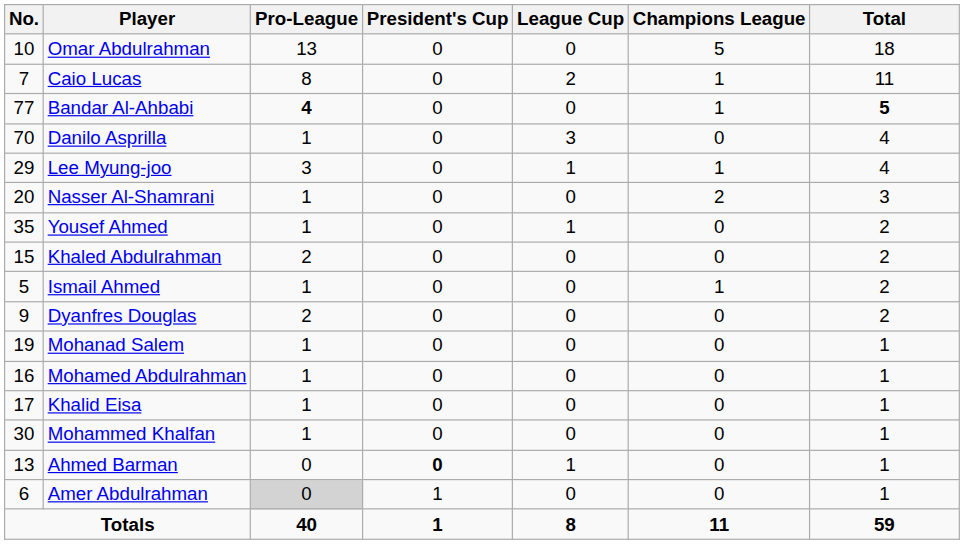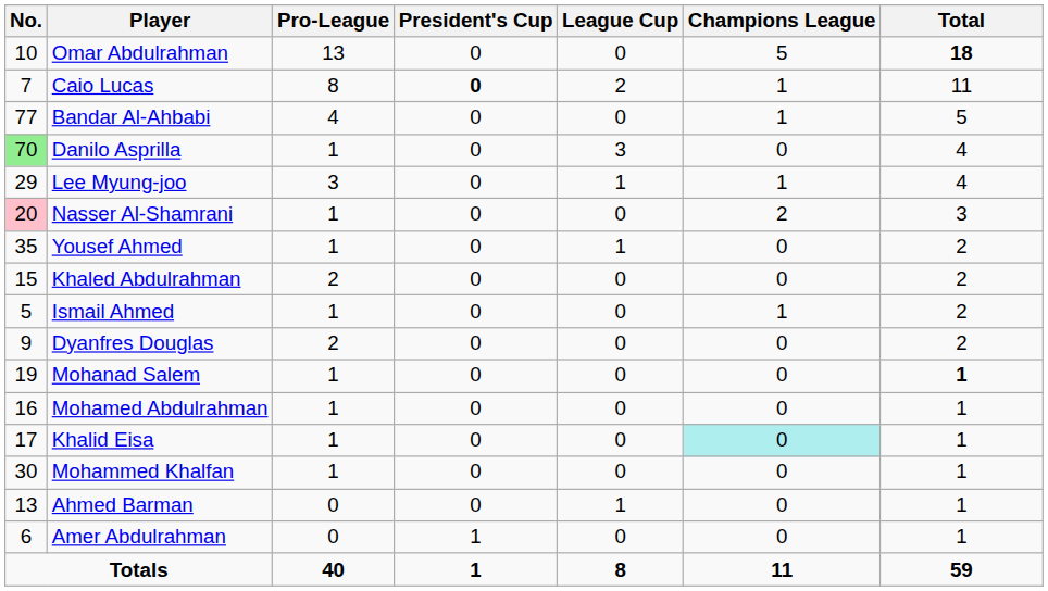 <table class=wikitable>
 <tr>
 <th>No.</th>
 <th>Player</th>
 <th>Pro-League</th>
 <th>President's Cup</th>
 <th>League Cup</th>
 <th>Champions League</th>
 <th width=120>Total</th>
 </tr>
 <tr>
 <td align="center">10</td>
 <td align=left> <a href='#'>Omar Abdulrahman</a></td>
 <td align="center">13</td>
 <td align="center">0</td>
 <td align="center">0</td>
 <td align="center">5</td>
-<td align="center">18</td>
+<td align="center"><strong>18</strong></td>
 </tr>
 <tr>
 <td align="center">7</td>
 <td align=left> <a href='#'>Caio Lucas</a></td>
 <td align="center">8</td>
-<td align="center">0</td>
+<td align="center"><strong>0</strong></td>
 <td align="center">2</td>
 <td align="center">1</td>
 <td align="center">11</td>
 </tr>
 <tr>
 <td align="center">77</td>
 <td align=left> <a href='#'>Bandar Al-Ahbabi</a></td>
-<td align="center"><strong>4</strong></td>
+<td align="center">4</td>
 <td align="center">0</td>
 <td align="center">0</td>
 <td align="center">1</td>
-<td align="center"><strong>5</strong></td>
+<td align="center">5</td>
 </tr>
 <tr>
-<td align="center">70</td>
+<td align="center" style="background: lightgreen;">70</td>
 <td align=left> <a href='#'>Danilo Asprilla</a></td>
 <td align="center">1</td>
 <td align="center">0</td>
 <td align="center">3</td>
 <td align="center">0</td>
 <td align="center">4</td>
 </tr>
 <tr>
 <td align="center">29</td>
 <td align=left> <a href='#'>Lee Myung-joo</a></td>
 <td align="center">3</td>
 <td align="center">0</td>
 <td align="center">1</td>
 <td align="center">1</td>
 <td align="center">4</td>
 </tr>
 <tr>
-<td align="center">20</td>
+<td align="center" style="background: pink;">20</td>
 <td align=left> <a href='#'>Nasser Al-Shamrani</a></td>
 <td align="center">1</td>
 <td align="center">0</td>
 <td align="center">0</td>
 <td align="center">2</td>
 <td align="center">3</td>
 </tr>
 <tr>
 <td align="center">35</td>
 <td align=left> <a href='#'>Yousef Ahmed</a></td>
 <td align="center">1</td>
 <td align="center">0</td>
 <td align="center">1</td>
 <td align="center">0</td>
 <td align="center">2</td>
 </tr>
 <tr>
 <td align="center">15</td>
 <td align=left> <a href='#'>Khaled Abdulrahman</a></td>
 <td align="center">2</td>
 <td align="center">0</td>
 <td align="center">0</td>
 <td align="center">0</td>
 <td align="center">2</td>
 </tr>
 <tr>
 <td align="center">5</td>
 <td align=left> <a href='#'>Ismail Ahmed</a></td>
 <td align="center">1</td>
 <td align="center">0</td>
 <td align="center">0</td>
 <td align="center">1</td>
 <td align="center">2</td>
 </tr>
 <tr>
 <td align="center">9</td>
 <td align=left> <a href='#'>Dyanfres Douglas</a></td>
 <td align="center">2</td>
 <td align="center">0</td>
 <td align="center">0</td>
 <td align="center">0</td>
 <td align="center">2</td>
 </tr>
 <tr>
 <td align="center">19</td>
 <td align=left> <a href='#'>Mohanad Salem</a></td>
 <td align="center">1</td>
 <td align="center">0</td>
 <td align="center">0</td>
 <td align="center">0</td>
-<td align="center">1</td>
+<td align="center"><strong>1</strong></td>
 </tr>
 <tr>
 <td align="center">16</td>
 <td align=left> <a href='#'>Mohamed Abdulrahman</a></td>
 <td align="center">1</td>
 <td align="center">0</td>
 <td align="center">0</td>
 <td align="center">0</td>
 <td align="center">1</td>
 </tr>
 <tr>
 <td align="center">17</td>
 <td align=left> <a href='#'>Khalid Eisa</a></td>
 <td align="center">1</td>
 <td align="center">0</td>
 <td align="center">0</td>
-<td align="center">0</td>
+<td align="center" style="background: paleturquoise;">0</td>
 <td align="center">1</td>
 </tr>
 <tr>
 <td align="center">30</td>
 <td align=left> <a href='#'>Mohammed Khalfan</a></td>
 <td align="center">1</td>
 <td align="center">0</td>
 <td align="center">0</td>
 <td align="center">0</td>
 <td align="center">1</td>
 </tr>
 <tr>
 <td align="center">13</td>
 <td align=left> <a href='#'>Ahmed Barman</a></td>
 <td align="center">0</td>
-<td align="center"><strong>0</strong></td>
+<td align="center">0</td>
 <td align="center">1</td>
 <td align="center">0</td>
 <td align="center">1</td>
 </tr>
 <tr>
 <td align="center">6</td>
 <td align=left> <a href='#'>Amer Abdulrahman</a></td>
-<td align="center" style="background: lightgrey;">0</td>
+<td align="center">0</td>
 <td align="center">1</td>
 <td align="center">0</td>
 <td align="center">0</td>
 <td align="center">1</td>
 </tr>
 <tr class="sortbottom">
 <td colspan="2" align="center"><strong>Totals</strong></td>
 <td align="center"><strong>40</strong></td>
 <td align="center"><strong>1</strong></td>
 <td align="center"><strong>8</strong></td>
 <td align="center"><strong>11</strong></td>
 <td align="center"><strong>59</strong></td>
 </tr>
 </table>
